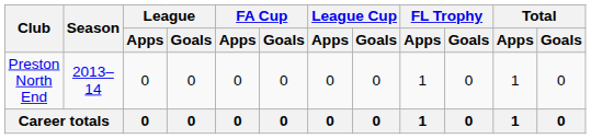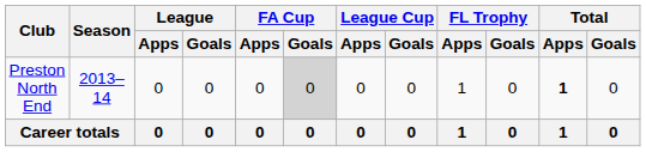 <table class="wikitable" style="text-align:center;">
 <tr>
 <th rowspan="2">Club</th>
 <th rowspan="2">Season</th>
 <th colspan="2">League</th>
 <th colspan="2"><a href='#'>FA Cup</a></th>
 <th colspan="2"><a href='#'>League Cup</a></th>
 <th colspan="2"><a href='#'>FL Trophy</a></th>
 <th colspan="2">Total</th>
 </tr>
 <tr>
 <th>Apps</th>
 <th>Goals</th>
 <th>Apps</th>
 <th>Goals</th>
 <th>Apps</th>
 <th>Goals</th>
 <th>Apps</th>
 <th>Goals</th>
 <th>Apps</th>
 <th>Goals</th>
 </tr>
 <tr>
 <td rowspan="1"><a href='#'>Preston North End</a></td>
 <td><a href='#'>2013–14</a></td>
 <td>0</td>
 <td>0</td>
 <td>0</td>
-<td>0</td>
+<td style="background: lightgrey;">0</td>
 <td>0</td>
 <td>0</td>
 <td>1</td>
 <td>0</td>
-<td>1</td>
+<td><strong>1</strong></td>
 <td>0</td>
 </tr>
 <tr>
 <th colspan="2">Career totals</th>
 <th>0</th>
 <th>0</th>
 <th>0</th>
 <th>0</th>
 <th>0</th>
 <th>0</th>
 <th>1</th>
 <th>0</th>
 <th>1</th>
 <th>0</th>
 </tr>
 </table>
